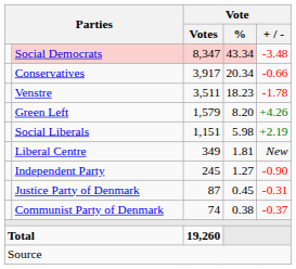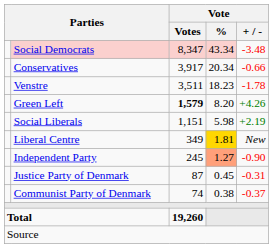 <table class="wikitable" style="text-align:right;">
 <tr>
 <th style="text-align:centre;" rowspan="2" colspan="2" width="225">Parties</th>
 <th colspan="3">Vote</th>
 </tr>
 <tr>
 <th width="15">Votes</th>
 <th width="15">%</th>
 <th width="15">+ / -</th>
 </tr>
 <tr>
 <td width="2" style="color:inherit;background:"></td>
 <td bgcolor=#fbd0ce  align="left"><a href='#'>Social Democrats</a></td>
 <td bgcolor=#fbd0ce>8,347</td>
 <td bgcolor=#fbd0ce>43.34</td>
 <td style=color:red;>-3.48</td>
 </tr>
 <tr>
 <td width="2" style="color:inherit;background:"></td>
 <td align="left"><a href='#'>Conservatives</a></td>
 <td>3,917</td>
 <td>20.34</td>
 <td style=color:red;>-0.66</td>
 </tr>
 <tr>
 <td width="2" style="color:inherit;background:"></td>
 <td align="left"><a href='#'>Venstre</a></td>
 <td>3,511</td>
 <td>18.23</td>
 <td style=color:red;>-1.78</td>
 </tr>
 <tr>
 <td width="2" style="color:inherit;background:"></td>
 <td align="left"><a href='#'>Green Left</a></td>
-<td>1,579</td>
+<td><strong>1,579</strong></td>
 <td>8.20</td>
 <td style=color:green;>+4.26</td>
 </tr>
 <tr>
 <td width="2" style="color:inherit;background:"></td>
 <td align="left"><a href='#'>Social Liberals</a></td>
 <td>1,151</td>
 <td>5.98</td>
 <td style=color:green;>+2.19</td>
 </tr>
 <tr>
 <td width="2" style="color:inherit;background:"></td>
 <td align="left"><a href='#'>Liberal Centre</a></td>
 <td>349</td>
-<td>1.81</td>
+<td style="background: gold;">1.81</td>
 <td><em>New</em></td>
 </tr>
 <tr>
 <td width="2" style="color:inherit;background:"></td>
 <td align="left"><a href='#'>Independent Party</a></td>
 <td>245</td>
-<td>1.27</td>
+<td style="background: lightsalmon;">1.27</td>
 <td style=color:red;>-0.90</td>
 </tr>
 <tr>
 <td width="2" style="color:inherit;background:"></td>
 <td align="left"><a href='#'>Justice Party of Denmark</a></td>
 <td>87</td>
 <td>0.45</td>
 <td style=color:red;>-0.31</td>
 </tr>
 <tr>
 <td width="2" style="color:inherit;background:"></td>
 <td align="left"><a href='#'>Communist Party of Denmark</a></td>
 <td>74</td>
 <td>0.38</td>
 <td style=color:red;>-0.37</td>
 </tr>
 <tr>
 <td colspan="7" bgcolor="#E9E9E9"></td>
 </tr>
 <tr>
 <td align="left" colspan="2"><strong>Total</strong></td>
 <td><strong>19,260</strong></td>
 <td bgcolor="#E9E9E9" colspan="2"></td>
 </tr>
 <tr>
 <td align="left" colspan="6">Source</td>
 </tr>
 </table>
